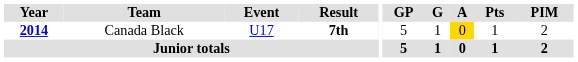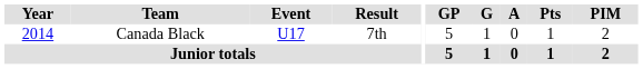 <table border="0" cellpadding="1" cellspacing="0" ID="Table3" style="text-align:center; width:40em">
 <tr ALIGN="center" bgcolor="#e0e0e0">
 <th>Year</th>
 <th>Team</th>
 <th>Event</th>
 <th>Result</th>
 <th rowspan="99" bgcolor="#ffffff"></th>
 <th>GP</th>
 <th>G</th>
 <th>A</th>
 <th>Pts</th>
 <th>PIM</th>
 </tr>
 <tr>
-<td><strong><a href='#'>2014</a></strong></td>
+<td><a href='#'>2014</a></td>
 <td>Canada Black</td>
 <td><a href='#'>U17</a></td>
-<td><strong>7th</strong></td>
+<td>7th</td>
 <td>5</td>
 <td>1</td>
-<td style="background: gold;">0</td>
+<td>0</td>
 <td>1</td>
 <td>2</td>
 </tr>
 <tr bgcolor="#e0e0e0">
 <th colspan="4">Junior totals</th>
 <th>5</th>
 <th>1</th>
 <th>0</th>
 <th>1</th>
 <th>2</th>
 </tr>
 </table>
